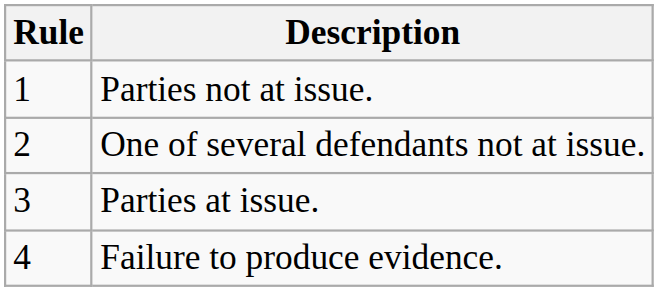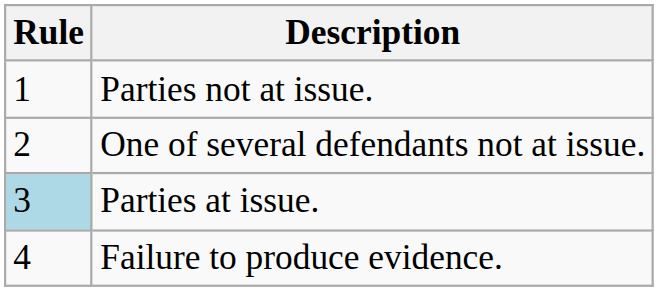 <table class="wikitable">
 <tr>
 <th>Rule</th>
 <th>Description</th>
 </tr>
 <tr>
 <td>1</td>
 <td>Parties not at issue.</td>
 </tr>
 <tr>
 <td>2</td>
 <td>One of several defendants not at issue.</td>
 </tr>
 <tr>
-<td>3</td>
+<td style="background: lightblue;">3</td>
 <td>Parties at issue.</td>
 </tr>
 <tr>
 <td>4</td>
 <td>Failure to produce evidence.</td>
 </tr>
 </table>
